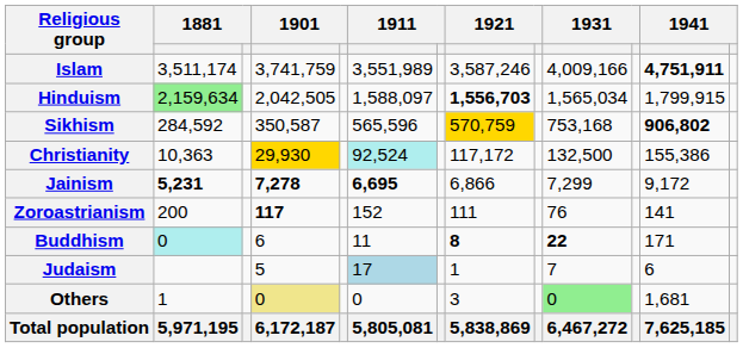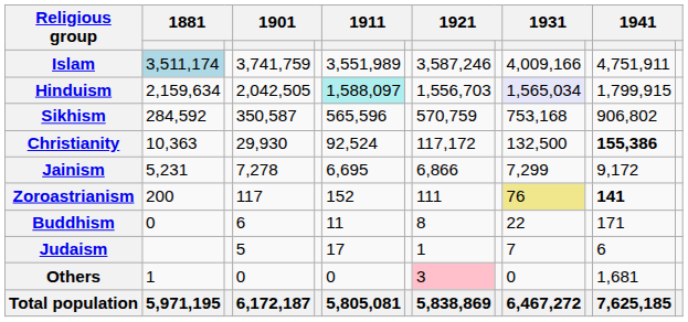 <table class="wikitable collapsible sortable">
 <tr>
 <th rowspan="2"><a href='#'>Religious</a><br>group</th>
 <th colspan="2">1881</th>
 <th colspan="2">1901</th>
 <th colspan="2">1911</th>
 <th colspan="2">1921</th>
 <th colspan="2">1931</th>
 <th colspan="2">1941</th>
 </tr>
 <tr>
 <th><a href='#'></a></th>
 <th></th>
 <th></th>
 <th></th>
 <th></th>
 <th></th>
 <th></th>
 <th></th>
 <th></th>
 <th></th>
 <th></th>
 <th></th>
 </tr>
 <tr>
 <th><a href='#'>Islam</a> </th>
-<td>3,511,174</td>
+<td style="background: lightblue;">3,511,174</td>
 <td></td>
 <td>3,741,759</td>
 <td></td>
 <td>3,551,989</td>
 <td></td>
 <td>3,587,246</td>
 <td></td>
 <td>4,009,166</td>
 <td></td>
-<td><strong>4,751,911</strong></td>
+<td>4,751,911</td>
 <td></td>
 </tr>
 <tr>
 <th><a href='#'>Hinduism</a> </th>
-<td style="background: lightgreen;">2,159,634</td>
+<td>2,159,634</td>
 <td></td>
 <td>2,042,505</td>
 <td></td>
-<td>1,588,097</td>
+<td style="background: paleturquoise;">1,588,097</td>
 <td></td>
-<td><strong>1,556,703</strong></td>
+<td>1,556,703</td>
 <td></td>
-<td>1,565,034</td>
+<td style="background: lavender;">1,565,034</td>
 <td></td>
 <td>1,799,915</td>
 <td></td>
 </tr>
 <tr>
 <th><a href='#'>Sikhism</a> </th>
 <td>284,592</td>
 <td></td>
 <td>350,587</td>
 <td></td>
 <td>565,596</td>
 <td></td>
-<td style="background: gold;">570,759</td>
+<td>570,759</td>
 <td></td>
 <td>753,168</td>
 <td></td>
-<td><strong>906,802</strong></td>
+<td>906,802</td>
 <td></td>
 </tr>
 <tr>
 <th><a href='#'>Christianity</a> </th>
 <td>10,363</td>
 <td></td>
-<td style="background: gold;">29,930</td>
+<td>29,930</td>
 <td></td>
-<td style="background: paleturquoise;">92,524</td>
+<td>92,524</td>
 <td></td>
 <td>117,172</td>
 <td></td>
 <td>132,500</td>
 <td></td>
-<td>155,386</td>
+<td><strong>155,386</strong></td>
 <td></td>
 </tr>
 <tr>
 <th><a href='#'>Jainism</a> </th>
-<td><strong>5,231</strong></td>
+<td>5,231</td>
 <td></td>
-<td><strong>7,278</strong></td>
+<td>7,278</td>
 <td></td>
-<td><strong>6,695</strong></td>
+<td>6,695</td>
 <td></td>
 <td>6,866</td>
 <td></td>
 <td>7,299</td>
 <td></td>
 <td>9,172</td>
 <td></td>
 </tr>
 <tr>
 <th><a href='#'>Zoroastrianism</a> </th>
 <td>200</td>
 <td></td>
-<td><strong>117</strong></td>
+<td>117</td>
 <td></td>
 <td>152</td>
 <td></td>
 <td>111</td>
 <td></td>
-<td>76</td>
+<td style="background: khaki;">76</td>
 <td></td>
-<td>141</td>
+<td><strong>141</strong></td>
 <td></td>
 </tr>
 <tr>
 <th><a href='#'>Buddhism</a> </th>
-<td style="background: paleturquoise;">0</td>
+<td>0</td>
 <td></td>
 <td>6</td>
 <td></td>
 <td>11</td>
 <td></td>
-<td><strong>8</strong></td>
+<td>8</td>
 <td></td>
-<td><strong>22</strong></td>
+<td>22</td>
 <td></td>
 <td>171</td>
 <td></td>
 </tr>
 <tr>
 <th><a href='#'>Judaism</a> </th>
 <td></td>
 <td></td>
 <td>5</td>
 <td></td>
-<td style="background: lightblue;">17</td>
+<td>17</td>
 <td></td>
 <td>1</td>
 <td></td>
 <td>7</td>
 <td></td>
 <td>6</td>
 <td></td>
 </tr>
 <tr>
 <th>Others</th>
 <td>1</td>
 <td></td>
-<td style="background: khaki;">0</td>
+<td>0</td>
 <td></td>
 <td>0</td>
 <td></td>
-<td>3</td>
+<td style="background: pink;">3</td>
 <td></td>
-<td style="background: lightgreen;">0</td>
+<td>0</td>
 <td></td>
 <td>1,681</td>
 <td></td>
 </tr>
 <tr>
 <th>Total population</th>
 <th>5,971,195</th>
 <th></th>
 <th>6,172,187</th>
 <th></th>
 <th>5,805,081</th>
 <th></th>
 <th>5,838,869</th>
 <th></th>
 <th>6,467,272</th>
 <th></th>
 <th>7,625,185</th>
 <th></th>
 </tr>
 </table>
